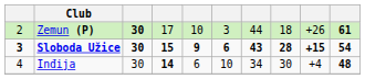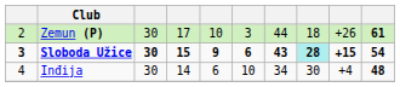 <table class="wikitable" style="text-align:center">
 <tr>
 <th width=30></th>
 <th>Club</th>
 <th width=30></th>
 <th width=30></th>
 <th width=30></th>
 <th width=30></th>
 <th width=30></th>
 <th width=30></th>
 <th width=30></th>
 <th width=30></th>
 </tr>
 <tr style="background:#D0F0C0;">
 <td>2</td>
 <td align=left><a href='#'>Zemun</a> <strong>(P)</strong></td>
-<td><strong>30</strong></td>
+<td>30</td>
 <td>17</td>
 <td>10</td>
 <td>3</td>
 <td>44</td>
 <td>18</td>
 <td>+26</td>
 <td><strong>61</strong></td>
 </tr>
 <tr>
 <td><strong>3</strong></td>
 <td align=left><strong><a href='#'>Sloboda Užice</a></strong></td>
 <td><strong>30</strong></td>
 <td><strong>15</strong></td>
 <td><strong>9</strong></td>
 <td><strong>6</strong></td>
 <td><strong>43</strong></td>
-<td><strong>28</strong></td>
+<td style="background: paleturquoise;"><strong>28</strong></td>
 <td><strong>+15</strong></td>
 <td><strong>54</strong></td>
 </tr>
 <tr>
 <td>4</td>
 <td align=left><a href='#'>Inđija</a></td>
 <td>30</td>
-<td><strong>14</strong></td>
+<td>14</td>
 <td>6</td>
 <td>10</td>
 <td>34</td>
 <td>30</td>
 <td>+4</td>
 <td><strong>48</strong></td>
 </tr>
 <tr>
 </tr>
 </table>
